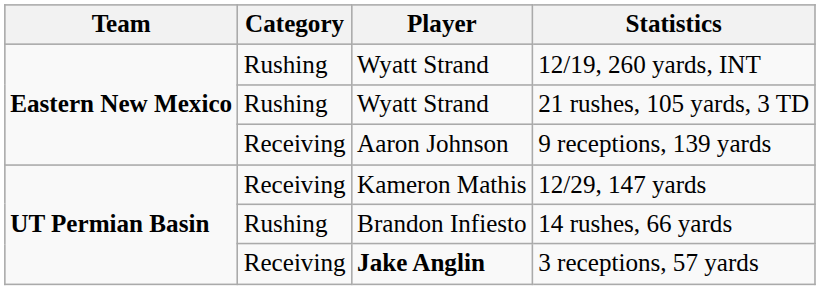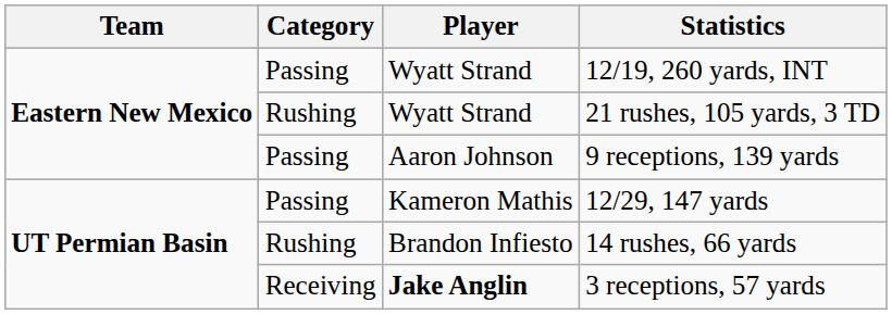 <table class="wikitable" style="float: right;">
 <tr>
 <th>Team</th>
 <th>Category</th>
 <th>Player</th>
 <th>Statistics</th>
 </tr>
 <tr>
 <td rowspan=3><strong>Eastern New Mexico</strong></td>
-<td>Rushing</td>
+<td>Passing</td>
 <td>Wyatt Strand</td>
 <td>12/19, 260 yards, INT</td>
 </tr>
 <tr>
 <td>Rushing</td>
 <td>Wyatt Strand</td>
 <td>21 rushes, 105 yards, 3 TD</td>
 </tr>
 <tr>
-<td>Receiving</td>
+<td>Passing</td>
 <td>Aaron Johnson</td>
 <td>9 receptions, 139 yards</td>
 </tr>
 <tr>
 <td rowspan=3><strong>UT Permian Basin</strong></td>
-<td>Receiving</td>
+<td>Passing</td>
 <td>Kameron Mathis</td>
 <td>12/29, 147 yards</td>
 </tr>
 <tr>
 <td>Rushing</td>
 <td>Brandon Infiesto</td>
 <td>14 rushes, 66 yards</td>
 </tr>
 <tr>
 <td>Receiving</td>
 <td><strong>Jake Anglin</strong></td>
 <td>3 receptions, 57 yards</td>
 </tr>
 </table>
